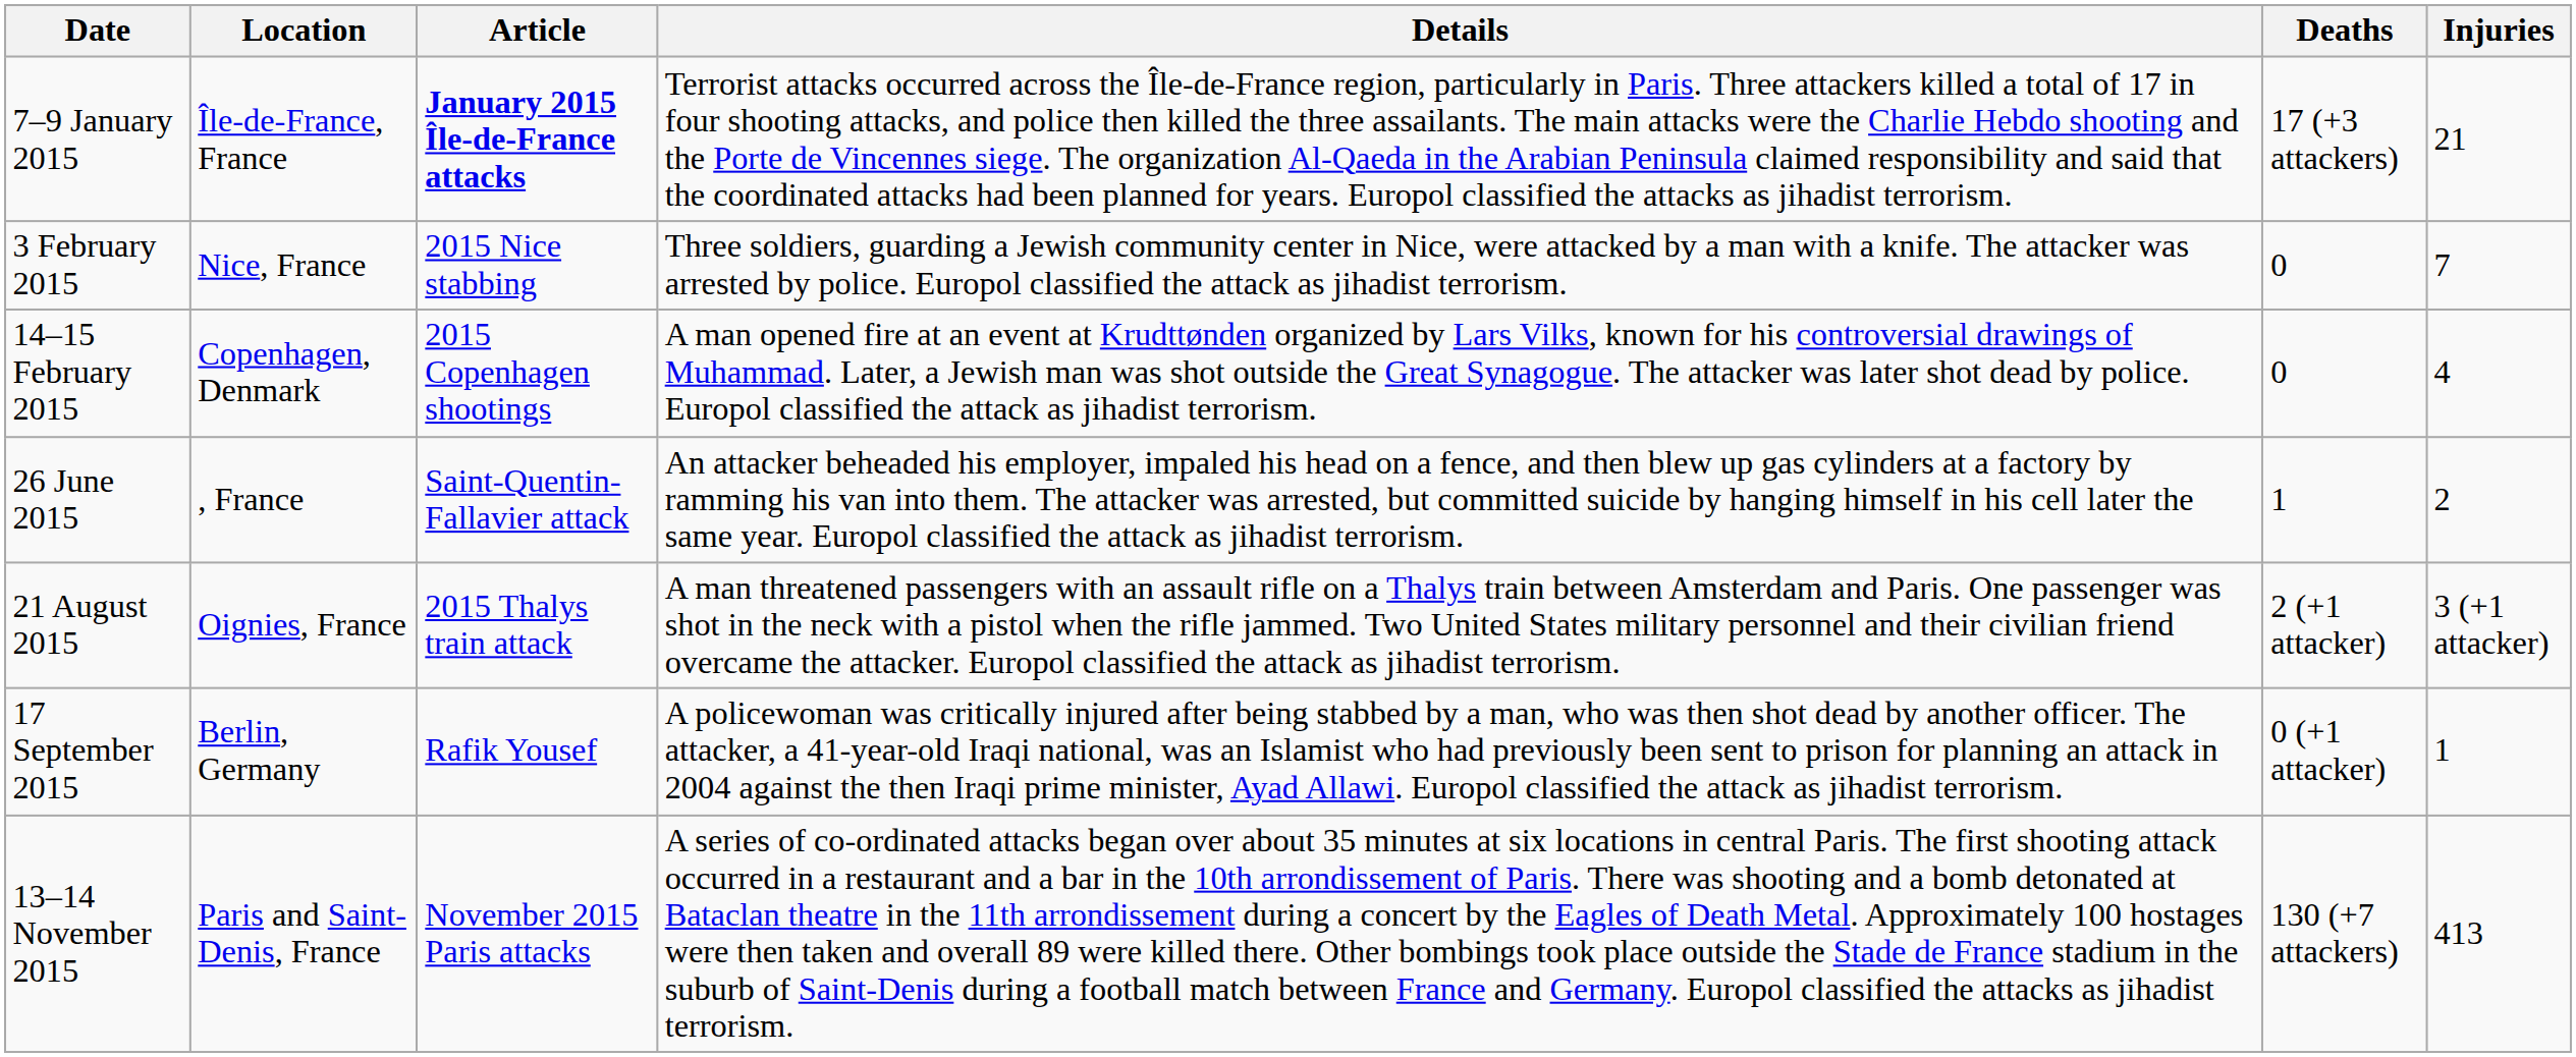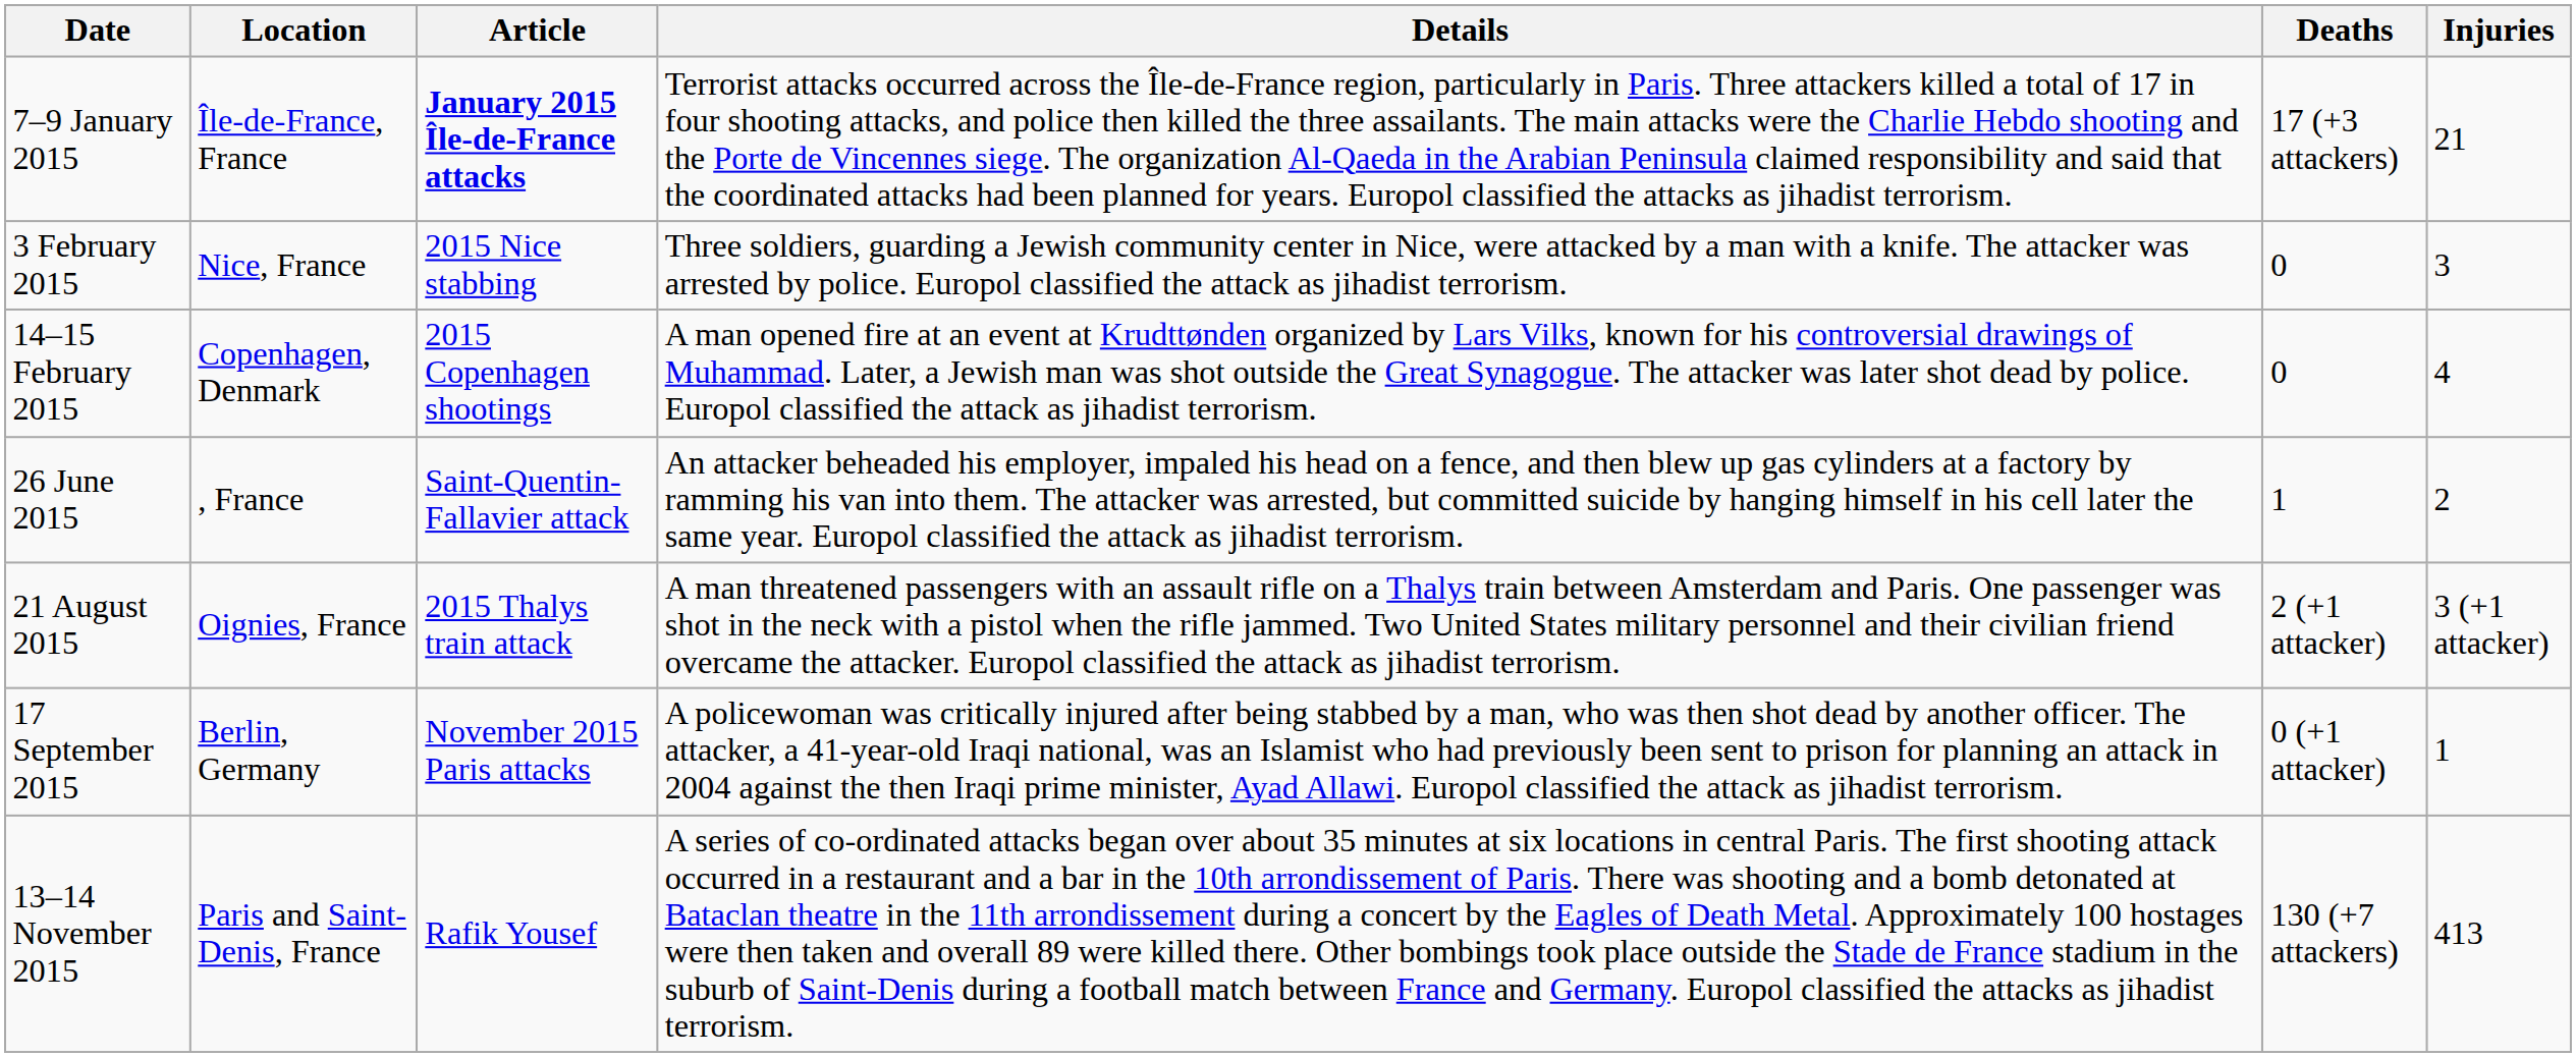 <table class="wikitable ">
 <tr>
 <th>Date</th>
 <th>Location</th>
 <th>Article</th>
 <th>Details</th>
 <th>Deaths</th>
 <th>Injuries</th>
 </tr>
 <tr>
 <td>7–9 January 2015</td>
 <td> <a href='#'>Île-de-France</a>, France</td>
 <td><strong><a href='#'>January 2015 Île-de-France attacks</a></strong></td>
 <td>Terrorist attacks occurred across the Île-de-France region, particularly in <a href='#'>Paris</a>. Three attackers killed a total of 17 in four shooting attacks, and police then killed the three assailants. The main attacks were the <a href='#'>Charlie Hebdo shooting</a> and the <a href='#'>Porte de Vincennes siege</a>. The organization <a href='#'>Al-Qaeda in the Arabian Peninsula</a> claimed responsibility and said that the coordinated attacks had been planned for years. Europol classified the attacks as jihadist terrorism.</td>
 <td data-sort-value="20">17 (+3 attackers)</td>
 <td>21</td>
 </tr>
 <tr>
 <td>3 February 2015</td>
 <td> <a href='#'>Nice</a>, France</td>
 <td><a href='#'>2015 Nice stabbing</a></td>
 <td>Three soldiers, guarding a Jewish community center in Nice, were attacked by a man with a knife. The attacker was arrested by police. Europol classified the attack as jihadist terrorism.</td>
 <td>0</td>
-<td>7</td>
+<td>3</td>
 </tr>
 <tr>
 <td>14–15 February 2015</td>
 <td> <a href='#'>Copenhagen</a>, Denmark</td>
 <td><a href='#'>2015 Copenhagen shootings</a></td>
 <td>A man opened fire at an event at <a href='#'>Krudttønden</a> organized by <a href='#'>Lars Vilks</a>, known for his <a href='#'>controversial drawings of Muhammad</a>. Later, a Jewish man was shot outside the <a href='#'>Great Synagogue</a>. The attacker was later shot dead by police. Europol classified the attack as jihadist terrorism.</td>
 <td>0</td>
 <td>4</td>
 </tr>
 <tr>
 <td>26 June 2015</td>
 <td>, France</td>
 <td><a href='#'>Saint-Quentin-Fallavier attack</a></td>
 <td>An attacker beheaded his employer, impaled his head on a fence, and then blew up gas cylinders at a factory by ramming his van into them. The attacker was arrested, but committed suicide by hanging himself in his cell later the same year. Europol classified the attack as jihadist terrorism.</td>
 <td>1</td>
 <td>2</td>
 </tr>
 <tr>
 <td>21 August 2015</td>
 <td> <a href='#'>Oignies</a>, France</td>
 <td><a href='#'>2015 Thalys train attack</a></td>
 <td>A man threatened passengers with an assault rifle on a <a href='#'>Thalys</a> train between Amsterdam and Paris. One passenger was shot in the neck with a pistol when the rifle jammed. Two United States military personnel and their civilian friend overcame the attacker. Europol classified the attack as jihadist terrorism.</td>
 <td data-sort-value="3">2 (+1 attacker)</td>
 <td data-sort-value="4">3 (+1 attacker)</td>
 </tr>
 <tr>
 <td>17 September 2015</td>
 <td> <a href='#'>Berlin</a>, Germany</td>
-<td><a href='#'>Rafik Yousef</a></td>
+<td><a href='#'>November 2015 Paris attacks</a></td>
 <td>A policewoman was critically injured after being stabbed by a man, who was then shot dead by another officer. The attacker, a 41-year-old Iraqi national, was an Islamist who had previously been sent to prison for planning an attack in 2004 against the then Iraqi prime minister, <a href='#'>Ayad Allawi</a>. Europol classified the attack as jihadist terrorism.</td>
 <td data-sort-value="1">0 (+1 attacker)</td>
 <td>1</td>
 </tr>
 <tr>
 <td>13–14 November 2015</td>
 <td> <a href='#'>Paris</a> and <a href='#'>Saint-Denis</a>, France</td>
-<td><a href='#'>November 2015 Paris attacks</a></td>
+<td><a href='#'>Rafik Yousef</a></td>
 <td>A series of co-ordinated attacks began over about 35 minutes at six locations in central Paris. The first shooting attack occurred in a restaurant and a bar in the <a href='#'>10th arrondissement of Paris</a>. There was shooting and a bomb detonated at <a href='#'>Bataclan theatre</a> in the <a href='#'>11th arrondissement</a> during a concert by the <a href='#'>Eagles of Death Metal</a>. Approximately 100 hostages were then taken and overall 89 were killed there. Other bombings took place outside the <a href='#'>Stade de France</a> stadium in the suburb of <a href='#'>Saint-Denis</a> during a football match between <a href='#'>France</a> and <a href='#'>Germany</a>. Europol classified the attacks as jihadist terrorism.</td>
 <td data-sort-value="137">130 (+7 attackers)</td>
 <td>413</td>
 </tr>
 <tr>
 </tr>
 </table>
